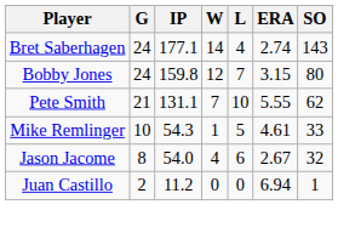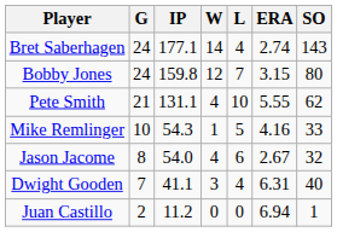 <table class="wikitable sortable">
 <tr>
 <th>Player</th>
 <th>G</th>
 <th>IP</th>
 <th>W</th>
 <th>L</th>
 <th>ERA</th>
 <th>SO</th>
 </tr>
 <tr align="center">
 <td><a href='#'>Bret Saberhagen</a></td>
 <td>24</td>
 <td>177.1</td>
 <td>14</td>
 <td>4</td>
 <td>2.74</td>
 <td>143</td>
 </tr>
 <tr align=center>
 <td><a href='#'>Bobby Jones</a></td>
 <td>24</td>
 <td>159.8</td>
 <td>12</td>
 <td>7</td>
 <td>3.15</td>
 <td>80</td>
 </tr>
 <tr align=center>
 <td><a href='#'>Pete Smith</a></td>
 <td>21</td>
 <td>131.1</td>
-<td>7</td>
+<td>4</td>
 <td>10</td>
 <td>5.55</td>
 <td>62</td>
 </tr>
 <tr align=center>
 <td><a href='#'>Mike Remlinger</a></td>
 <td>10</td>
 <td>54.3</td>
 <td>1</td>
 <td>5</td>
-<td>4.61</td>
+<td>4.16</td>
 <td>33</td>
 </tr>
 <tr align=center>
 <td><a href='#'>Jason Jacome</a></td>
 <td>8</td>
 <td>54.0</td>
 <td>4</td>
 <td>6</td>
 <td>2.67</td>
 <td>32</td>
 </tr>
 <tr align=center>
+<td><a href='#'>Dwight Gooden</a></td>
+<td>7</td>
+<td>41.1</td>
+<td>3</td>
+<td>4</td>
+<td>6.31</td>
+<td>40</td>
+</tr>
+<tr align=center>
 <td><a href='#'>Juan Castillo</a></td>
 <td>2</td>
 <td>11.2</td>
 <td>0</td>
 <td>0</td>
 <td>6.94</td>
 <td>1</td>
 </tr>
 </table>
